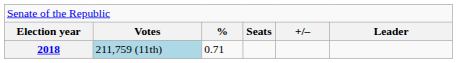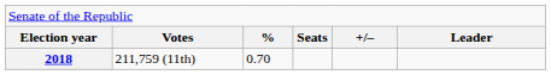 <table class=wikitable style="width:50%; border:1px #AAAAFF solid">
 <tr>
 <td colspan=7><a href='#'>Senate of the Republic</a></td>
 </tr>
 <tr>
 <th width=13%>Election year</th>
 <th width=16%>Votes</th>
 <th width=6%>%</th>
 <th width=1%>Seats</th>
 <th width=8%>+/–</th>
 <th width=18%>Leader</th>
 </tr>
 <tr>
 <th><a href='#'>2018</a></th>
-<td style="background: lightblue;">211,759 (11th)</td>
-<td>0.71</td>
+<td>211,759 (11th)</td>
+<td>0.70</td>
 <td></td>
 <td></td>
 <td></td>
 </tr>
 </table>
